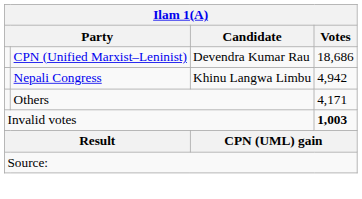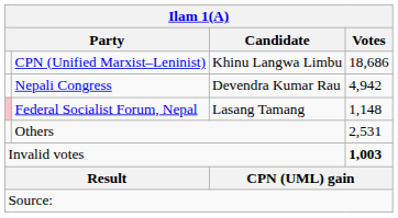 <table class="wikitable">
 <tr>
 <th colspan="4"><a href='#'>Ilam 1(A)</a></th>
 </tr>
 <tr>
 <th colspan="2">Party</th>
 <th>Candidate</th>
 <th>Votes</th>
 </tr>
 <tr>
 <td style="background-color:"></td>
 <td><a href='#'>CPN (Unified Marxist–Leninist)</a></td>
-<td>Devendra Kumar Rau</td>
+<td>Khinu Langwa Limbu</td>
 <td>18,686</td>
 </tr>
 <tr>
 <td style="background-color:"></td>
 <td><a href='#'>Nepali Congress</a></td>
-<td>Khinu Langwa Limbu</td>
+<td>Devendra Kumar Rau</td>
 <td>4,942</td>
+</tr>
+<tr>
+<td style="background-color:#ffc0cb"></td>
+<td><a href='#'>Federal Socialist Forum, Nepal</a></td>
+<td>Lasang Tamang</td>
+<td>1,148</td>
 </tr>
 <tr>
 <td></td>
 <td colspan="2">Others</td>
-<td>4,171</td>
+<td>2,531</td>
 </tr>
 <tr>
 <td colspan="3">Invalid votes</td>
 <td><strong>1,003</strong></td>
 </tr>
 <tr>
 <th colspan="2">Result</th>
 <th colspan="2">CPN (UML) gain</th>
 </tr>
 <tr>
 <td colspan="4">Source: </td>
 </tr>
 </table>
